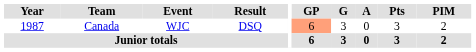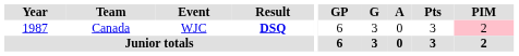 <table border="0" cellpadding="1" cellspacing="0" ID="Table3" style="text-align:center; width:40em">
 <tr ALIGN="center" bgcolor="#e0e0e0">
 <th>Year</th>
 <th>Team</th>
 <th>Event</th>
 <th>Result</th>
 <th rowspan="99" bgcolor="#ffffff"></th>
 <th>GP</th>
 <th>G</th>
 <th>A</th>
 <th>Pts</th>
 <th>PIM</th>
 </tr>
 <tr>
 <td><a href='#'>1987</a></td>
 <td><a href='#'>Canada</a></td>
 <td><a href='#'>WJC</a></td>
-<td><a href='#'>DSQ</a></td>
-<td style="background: lightsalmon;">6</td>
+<td><strong><a href='#'>DSQ</a></strong></td>
+<td>6</td>
 <td>3</td>
 <td>0</td>
 <td>3</td>
-<td>2</td>
+<td style="background: pink;">2</td>
 </tr>
 <tr bgcolor="#e0e0e0">
 <th colspan="4">Junior totals</th>
 <th>6</th>
 <th>3</th>
 <th>0</th>
 <th>3</th>
 <th>2</th>
 </tr>
 </table>
